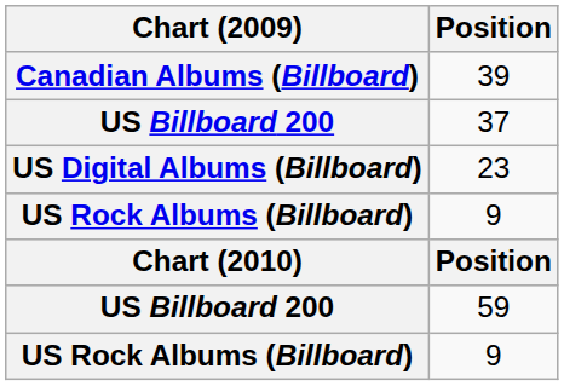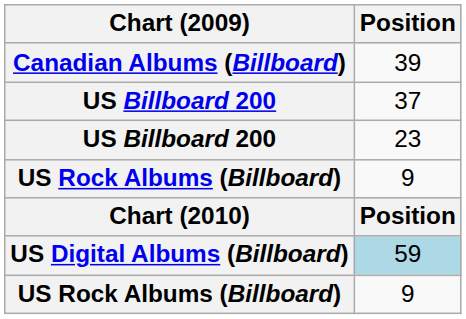 <table class="wikitable plainrowheaders" style="text-align:center">
 <tr>
 <th>Chart (2009)</th>
 <th>Position</th>
 </tr>
 <tr>
 <th scope="row"><a href='#'>Canadian Albums</a> (<em><a href='#'>Billboard</a></em>)</th>
 <td>39</td>
 </tr>
 <tr>
 <th scope="row">US <a href='#'><em>Billboard</em> 200</a></th>
 <td>37</td>
 </tr>
 <tr>
-<th scope="row">US <a href='#'>Digital Albums</a> (<em>Billboard</em>)</th>
+<th scope="row">US <em>Billboard</em> 200</th>
 <td>23</td>
 </tr>
 <tr>
 <th scope="row">US <a href='#'>Rock Albums</a> (<em>Billboard</em>)</th>
 <td>9</td>
 </tr>
 <tr>
 <th>Chart (2010)</th>
 <th>Position</th>
 </tr>
 <tr>
-<th scope="row">US <em>Billboard</em> 200</th>
-<td>59</td>
+<th scope="row">US <a href='#'>Digital Albums</a> (<em>Billboard</em>)</th>
+<td style="background: lightblue;">59</td>
 </tr>
 <tr>
 <th scope="row">US Rock Albums (<em>Billboard</em>)</th>
 <td>9</td>
 </tr>
 </table>
